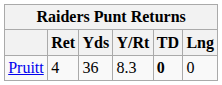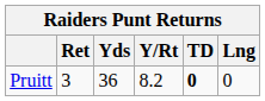 <table class="wikitable">
 <tr>
 <th colspan="6">Raiders Punt Returns</th>
 </tr>
 <tr>
 <th></th>
 <th>Ret</th>
 <th>Yds</th>
 <th>Y/Rt</th>
 <th>TD</th>
 <th>Lng</th>
 </tr>
 <tr>
 <td><a href='#'>Pruitt</a></td>
-<td>4</td>
+<td>3</td>
 <td>36</td>
-<td>8.3</td>
+<td>8.2</td>
 <td><strong>0</strong></td>
 <td>0</td>
 </tr>
 </table>
